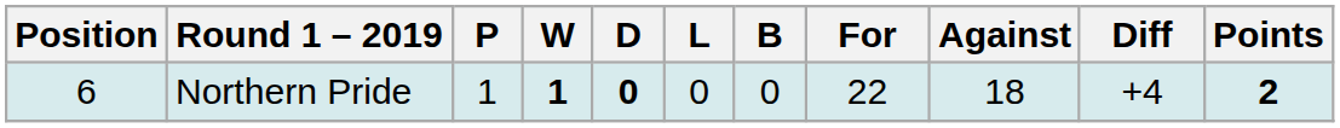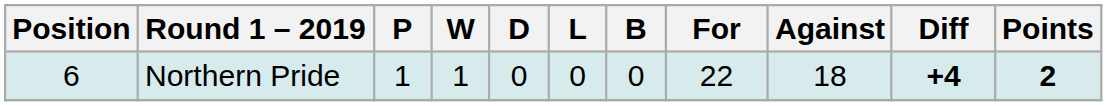 <table class="wikitable" style="text-align:center; font-size:85%;">
 <tr style="background: #d7ebed;">
 <th width="40" abbr="Position">Position</th>
 <th width="100">Round 1 – 2019</th>
 <th width="20" abbr="Played">P</th>
 <th width="20" abbr="Won">W</th>
 <th width="20" abbr="Drawn">D</th>
 <th width="20" abbr="Lost">L</th>
 <th width="20" abbr="Bye">B</th>
 <th width="40" abbr="Points for">For</th>
 <th width="40" abbr="Points against">Against</th>
 <th width="40" abbr="Points difference">Diff</th>
 <th width="40" abbr="Points">Points</th>
 </tr>
 <tr style="background: #d7ebed;">
 <td>6</td>
 <td style="text-align:left;"> Northern Pride</td>
 <td>1</td>
-<td><strong>1</strong></td>
-<td><strong>0</strong></td>
+<td>1</td>
+<td>0</td>
 <td>0</td>
 <td>0</td>
 <td>22</td>
 <td>18</td>
-<td>+4</td>
+<td><strong>+4</strong></td>
 <td><strong>2</strong></td>
 </tr>
 <tr>
 </tr>
 </table>
